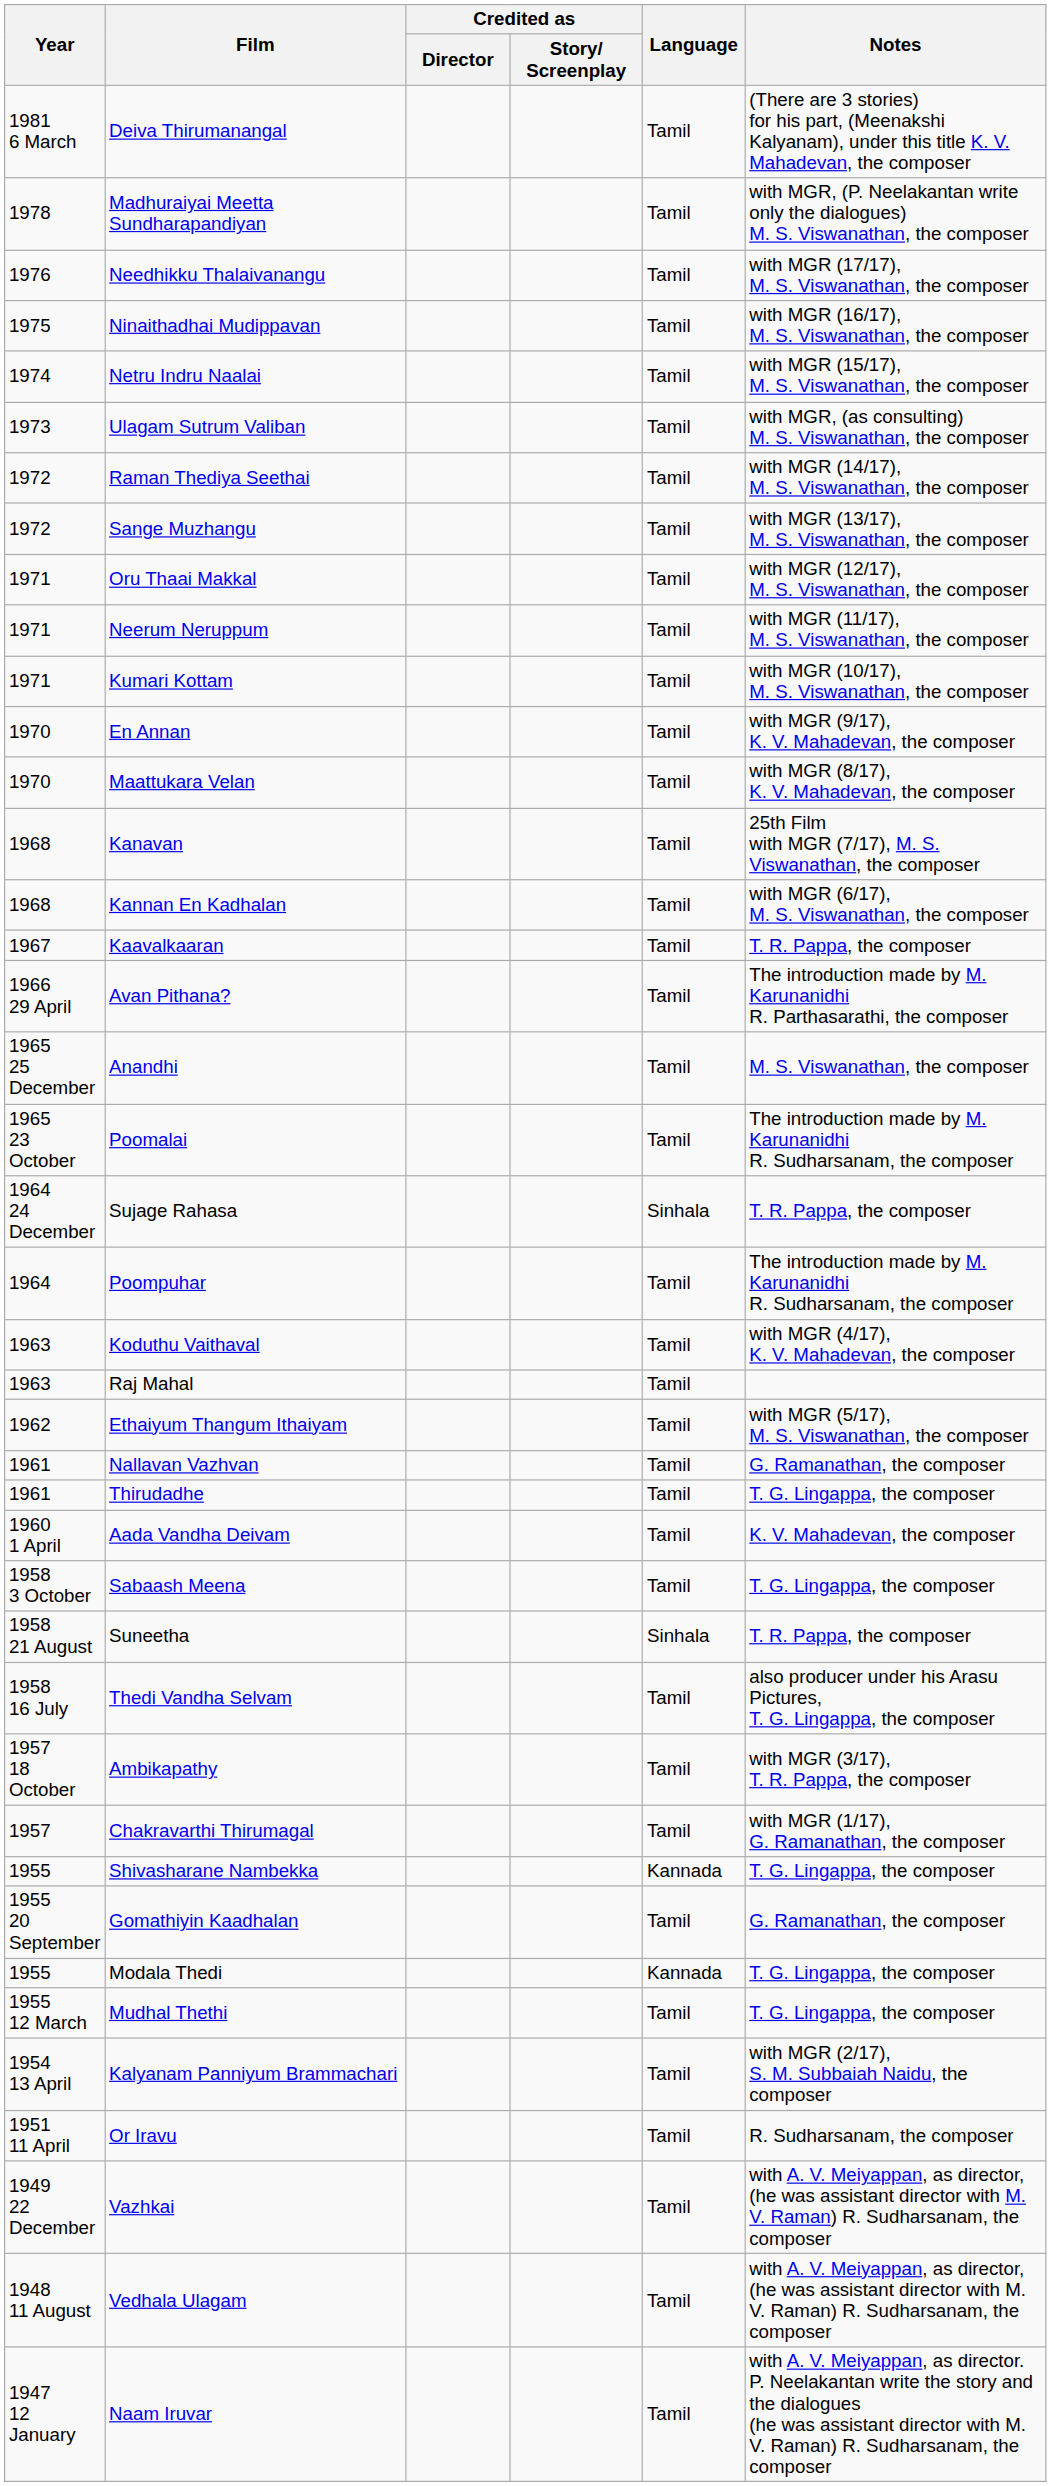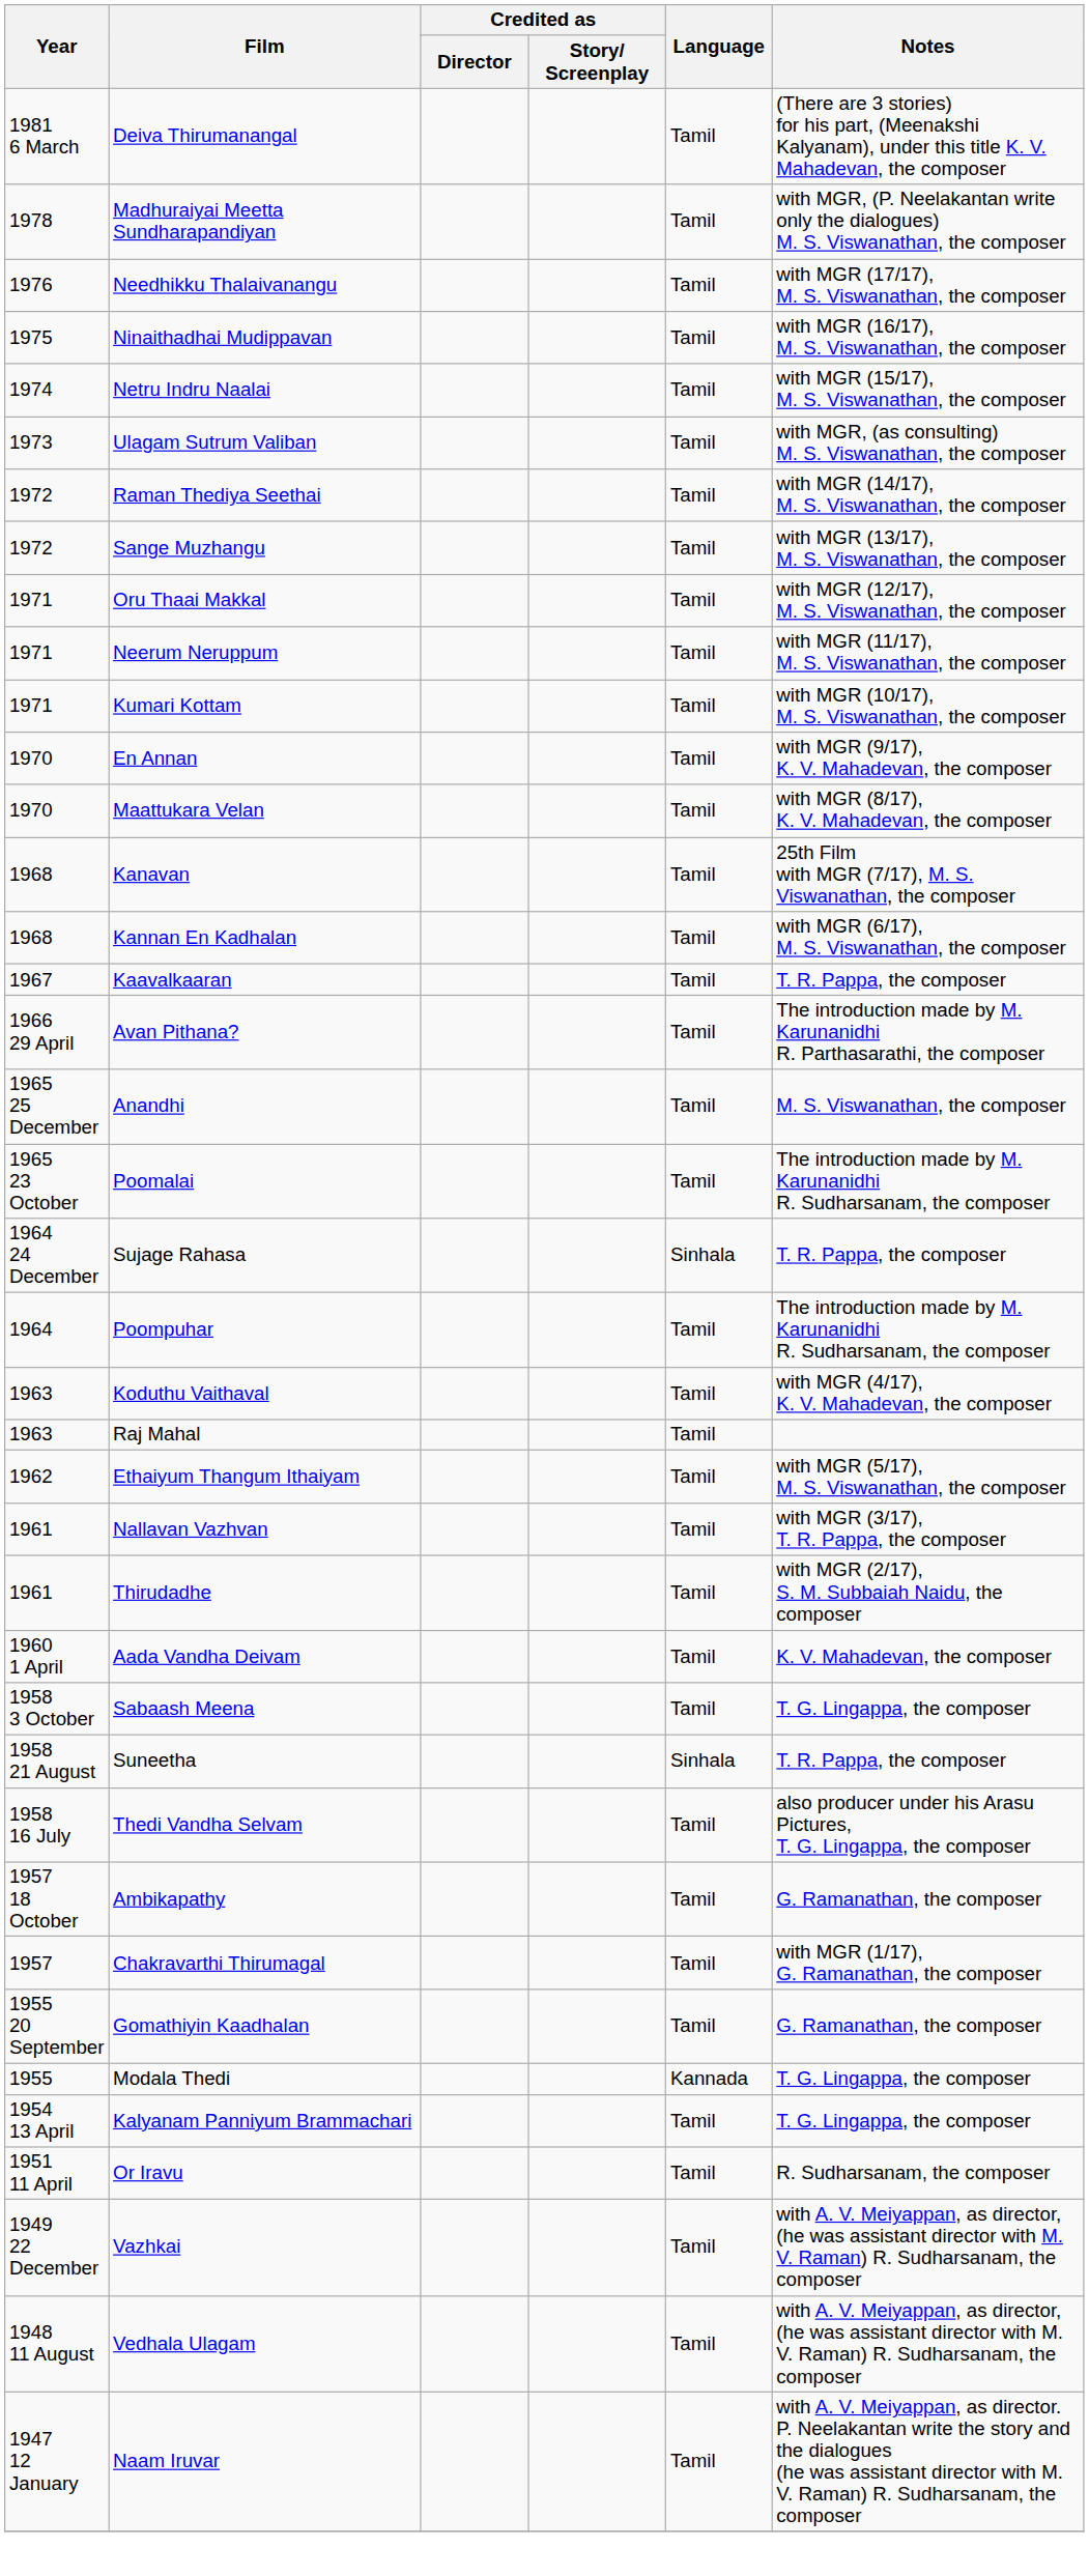 <table class="wikitable sortable">
 <tr>
 <th rowspan="2" style="width:35px;">Year</th>
 <th rowspan="2" style="width:250px;">Film</th>
 <th colspan="2" style="width:195px;">Credited as</th>
 <th rowspan="2" style="text-align:center; width:80px;">Language</th>
 <th rowspan="2"  style="text-align:center; width:250px;" class="unsortable">Notes</th>
 </tr>
 <tr>
 <th style="width:65px;">Director</th>
 <th width=65>Story/ Screenplay</th>
 </tr>
 <tr>
 <td>1981<br>6 March</td>
 <td><a href='#'>Deiva Thirumanangal</a></td>
 <td style="text-align:center;"></td>
 <td></td>
 <td>Tamil</td>
 <td>(There are 3 stories)<br>for his part, (Meenakshi Kalyanam), under this title <a href='#'>K. V. Mahadevan</a>, the composer</td>
 </tr>
 <tr>
 <td>1978</td>
 <td><a href='#'>Madhuraiyai Meetta Sundharapandiyan</a></td>
 <td style="text-align:center;"></td>
 <td style="text-align:center;"></td>
 <td>Tamil</td>
 <td>with MGR, (P. Neelakantan write only the dialogues)<br><a href='#'>M. S. Viswanathan</a>, the composer</td>
 </tr>
 <tr>
 <td>1976</td>
 <td><a href='#'>Needhikku Thalaivanangu</a></td>
 <td style="text-align:center;"></td>
 <td style="text-align:center;"></td>
 <td>Tamil</td>
 <td>with MGR (17/17),<br><a href='#'>M. S. Viswanathan</a>, the composer</td>
 </tr>
 <tr>
 <td>1975</td>
 <td><a href='#'>Ninaithadhai Mudippavan</a></td>
 <td style="text-align:center;"></td>
 <td style="text-align:center;"></td>
 <td>Tamil</td>
 <td>with MGR (16/17),<br><a href='#'>M. S. Viswanathan</a>, the composer</td>
 </tr>
 <tr>
 <td>1974</td>
 <td><a href='#'>Netru Indru Naalai</a></td>
 <td style="text-align:center;"></td>
 <td style="text-align:center;"></td>
 <td>Tamil</td>
 <td>with MGR (15/17),<br><a href='#'>M. S. Viswanathan</a>, the composer</td>
 </tr>
 <tr>
 <td>1973</td>
 <td><a href='#'>Ulagam Sutrum Valiban</a></td>
 <td style="text-align:center;"></td>
 <td style="text-align:center;"></td>
 <td>Tamil</td>
 <td>with MGR, (as consulting)<br><a href='#'>M. S. Viswanathan</a>, the composer</td>
 </tr>
 <tr>
 <td>1972</td>
 <td><a href='#'>Raman Thediya Seethai</a></td>
 <td style="text-align:center;"></td>
 <td style="text-align:center;"></td>
 <td>Tamil</td>
 <td>with MGR (14/17),<br><a href='#'>M. S. Viswanathan</a>, the composer</td>
 </tr>
 <tr>
 <td>1972</td>
 <td><a href='#'>Sange Muzhangu</a></td>
 <td style="text-align:center;"></td>
 <td style="text-align:center;"></td>
 <td>Tamil</td>
 <td>with MGR (13/17),<br><a href='#'>M. S. Viswanathan</a>, the composer</td>
 </tr>
 <tr>
 <td>1971</td>
 <td><a href='#'>Oru Thaai Makkal</a></td>
 <td style="text-align:center;"></td>
 <td style="text-align:center;"></td>
 <td>Tamil</td>
 <td>with MGR (12/17),<br><a href='#'>M. S. Viswanathan</a>, the composer</td>
 </tr>
 <tr>
 <td>1971</td>
 <td><a href='#'>Neerum Neruppum</a></td>
 <td style="text-align:center;"></td>
 <td style="text-align:center;"></td>
 <td>Tamil</td>
 <td>with MGR (11/17),<br><a href='#'>M. S. Viswanathan</a>, the composer</td>
 </tr>
 <tr>
 <td>1971</td>
 <td><a href='#'>Kumari Kottam</a></td>
 <td style="text-align:center;"></td>
 <td style="text-align:center;"></td>
 <td>Tamil</td>
 <td>with MGR (10/17),<br><a href='#'>M. S. Viswanathan</a>, the composer</td>
 </tr>
 <tr>
 <td>1970</td>
 <td><a href='#'>En Annan</a></td>
 <td style="text-align:center;"></td>
 <td style="text-align:center;"></td>
 <td>Tamil</td>
 <td>with MGR (9/17),<br><a href='#'>K. V. Mahadevan</a>, the composer</td>
 </tr>
 <tr>
 <td>1970</td>
 <td><a href='#'>Maattukara Velan</a></td>
 <td style="text-align:center;"></td>
 <td style="text-align:center;"></td>
 <td>Tamil</td>
 <td>with MGR (8/17),<br><a href='#'>K. V. Mahadevan</a>, the composer</td>
 </tr>
 <tr>
 <td>1968</td>
 <td><a href='#'>Kanavan</a></td>
 <td style="text-align:center;"></td>
 <td style="text-align:center;"></td>
 <td>Tamil</td>
 <td>25th Film<br>with MGR (7/17), <a href='#'>M. S. Viswanathan</a>, the composer</td>
 </tr>
 <tr>
 <td>1968</td>
 <td><a href='#'>Kannan En Kadhalan</a></td>
 <td style="text-align:center;"></td>
 <td style="text-align:center;"></td>
 <td>Tamil</td>
 <td>with MGR (6/17),<br><a href='#'>M. S. Viswanathan</a>, the composer</td>
 </tr>
 <tr>
 <td>1967</td>
 <td><a href='#'>Kaavalkaaran</a></td>
 <td style="text-align:center;"></td>
 <td style="text-align:center;"></td>
 <td>Tamil</td>
 <td><a href='#'>T. R. Pappa</a>, the composer</td>
 </tr>
 <tr>
 <td>1966<br>29 April</td>
 <td><a href='#'>Avan Pithana?</a></td>
 <td style="text-align:center;"></td>
 <td style="text-align:center;"></td>
 <td>Tamil</td>
 <td>The introduction made by <a href='#'>M. Karunanidhi</a><br>R. Parthasarathi, the composer</td>
 </tr>
 <tr>
 <td>1965<br>25 December</td>
 <td><a href='#'>Anandhi</a></td>
 <td style="text-align:center;"></td>
 <td></td>
 <td>Tamil</td>
 <td><a href='#'>M. S. Viswanathan</a>, the composer</td>
 </tr>
 <tr>
 <td>1965<br>23 October</td>
 <td><a href='#'>Poomalai</a></td>
 <td style="text-align:center;"></td>
 <td style="text-align:center;"></td>
 <td>Tamil</td>
 <td>The introduction made by <a href='#'>M. Karunanidhi</a><br>R. Sudharsanam, the composer</td>
 </tr>
 <tr>
 <td>1964<br>24 December</td>
 <td>Sujage Rahasa</td>
 <td style="text-align:center;"></td>
 <td style="text-align:center;"></td>
 <td>Sinhala</td>
 <td><a href='#'>T. R. Pappa</a>, the composer</td>
 </tr>
 <tr>
 <td>1964</td>
 <td><a href='#'>Poompuhar</a></td>
 <td style="text-align:center;"></td>
 <td style="text-align:center;"></td>
 <td>Tamil</td>
 <td>The introduction made by <a href='#'>M. Karunanidhi</a><br>R. Sudharsanam, the composer</td>
 </tr>
 <tr>
 <td>1963</td>
 <td><a href='#'>Koduthu Vaithaval</a></td>
 <td style="text-align:center;"></td>
 <td style="text-align:center;"></td>
 <td>Tamil</td>
 <td>with MGR (4/17),<br><a href='#'>K. V. Mahadevan</a>, the composer</td>
 </tr>
 <tr>
 <td>1963</td>
 <td>Raj Mahal</td>
 <td style="text-align:center;"></td>
 <td></td>
 <td>Tamil</td>
 <td></td>
 </tr>
 <tr>
 <td>1962</td>
 <td><a href='#'>Ethaiyum Thangum Ithaiyam</a></td>
 <td style="text-align:center;"></td>
 <td style="text-align:center;"></td>
 <td>Tamil</td>
 <td>with MGR (5/17),<br><a href='#'>M. S. Viswanathan</a>, the composer</td>
 </tr>
 <tr>
 <td>1961</td>
 <td><a href='#'>Nallavan Vazhvan</a></td>
 <td style="text-align:center;"></td>
 <td style="text-align:center;"></td>
 <td>Tamil</td>
-<td><a href='#'>G. Ramanathan</a>, the composer</td>
+<td>with MGR (3/17),<br><a href='#'>T. R. Pappa</a>, the composer</td>
 </tr>
 <tr>
 <td>1961</td>
 <td><a href='#'>Thirudadhe</a></td>
 <td style="text-align:center;"></td>
 <td style="text-align:center;"></td>
 <td>Tamil</td>
-<td><a href='#'>T. G. Lingappa</a>, the composer</td>
+<td>with MGR (2/17),<br><a href='#'>S. M. Subbaiah Naidu</a>, the composer</td>
 </tr>
 <tr>
 <td>1960<br>1 April</td>
 <td><a href='#'>Aada Vandha Deivam</a></td>
 <td style="text-align:center;"></td>
 <td style="text-align:center;"></td>
 <td>Tamil</td>
 <td><a href='#'>K. V. Mahadevan</a>, the composer</td>
 </tr>
 <tr>
 <td>1958<br>3 October</td>
 <td><a href='#'>Sabaash Meena</a></td>
 <td style="text-align:center;"></td>
 <td style="text-align:center;"></td>
 <td>Tamil</td>
 <td><a href='#'>T. G. Lingappa</a>, the composer</td>
 </tr>
 <tr>
 <td>1958<br>21 August</td>
 <td>Suneetha</td>
 <td style="text-align:center;"></td>
 <td style="text-align:center;"></td>
 <td>Sinhala</td>
 <td><a href='#'>T. R. Pappa</a>, the composer</td>
 </tr>
 <tr>
 <td>1958<br>16 July</td>
 <td><a href='#'>Thedi Vandha Selvam</a></td>
 <td style="text-align:center;"></td>
 <td style="text-align:center;"></td>
 <td>Tamil</td>
 <td>also producer under his Arasu Pictures,<br><a href='#'>T. G. Lingappa</a>, the composer</td>
 </tr>
 <tr>
 <td>1957<br>18 October</td>
 <td><a href='#'>Ambikapathy</a></td>
 <td style="text-align:center;"></td>
 <td style="text-align:center;"></td>
 <td>Tamil</td>
-<td>with MGR (3/17),<br><a href='#'>T. R. Pappa</a>, the composer</td>
+<td><a href='#'>G. Ramanathan</a>, the composer</td>
 </tr>
 <tr>
 <td>1957</td>
 <td><a href='#'>Chakravarthi Thirumagal</a></td>
 <td style="text-align:center;"></td>
 <td style="text-align:center;"></td>
 <td>Tamil</td>
 <td>with MGR (1/17),<br><a href='#'>G. Ramanathan</a>, the composer</td>
-</tr>
-<tr>
-<td>1955</td>
-<td><a href='#'>Shivasharane Nambekka</a></td>
-<td style="text-align:center;"></td>
-<td></td>
-<td>Kannada</td>
-<td><a href='#'>T. G. Lingappa</a>, the composer</td>
 </tr>
 <tr>
 <td>1955<br>20 September</td>
 <td><a href='#'>Gomathiyin Kaadhalan</a></td>
 <td style="text-align:center;"></td>
 <td style="text-align:center;"></td>
 <td>Tamil</td>
 <td><a href='#'>G. Ramanathan</a>, the composer</td>
 </tr>
 <tr>
 <td>1955</td>
 <td>Modala Thedi</td>
 <td style="text-align:center;"></td>
 <td></td>
 <td>Kannada</td>
 <td><a href='#'>T. G. Lingappa</a>, the composer</td>
 </tr>
 <tr>
-<td>1955<br>12 March</td>
-<td><a href='#'>Mudhal Thethi</a></td>
-<td style="text-align:center;"></td>
-<td style="text-align:center;"></td>
-<td>Tamil</td>
-<td><a href='#'>T. G. Lingappa</a>, the composer</td>
-</tr>
-<tr>
 <td>1954<br>13 April</td>
 <td><a href='#'>Kalyanam Panniyum Brammachari</a></td>
 <td style="text-align:center;"></td>
 <td style="text-align:center;"></td>
 <td>Tamil</td>
-<td>with MGR (2/17),<br><a href='#'>S. M. Subbaiah Naidu</a>, the composer</td>
+<td><a href='#'>T. G. Lingappa</a>, the composer</td>
 </tr>
 <tr>
 <td>1951<br>11 April</td>
 <td><a href='#'>Or Iravu</a></td>
 <td style="text-align:center;"></td>
 <td style="text-align:center;"></td>
 <td>Tamil</td>
 <td>R. Sudharsanam, the composer</td>
 </tr>
 <tr>
 <td>1949<br>22 December</td>
 <td><a href='#'>Vazhkai</a></td>
 <td style="text-align:center;"></td>
 <td style="text-align:center;"></td>
 <td>Tamil</td>
 <td>with <a href='#'>A. V. Meiyappan</a>, as director,<br>(he was assistant director with <a href='#'>M. V. Raman</a>) R. Sudharsanam, the composer</td>
 </tr>
 <tr>
 <td>1948<br>11 August</td>
 <td><a href='#'>Vedhala Ulagam</a></td>
 <td style="text-align:center;"></td>
 <td style="text-align:center;"></td>
 <td>Tamil</td>
 <td>with <a href='#'>A. V. Meiyappan</a>, as director,<br>(he was assistant director with M. V. Raman) R. Sudharsanam, the composer</td>
 </tr>
 <tr>
 <td>1947<br>12 January</td>
 <td><a href='#'>Naam Iruvar</a></td>
 <td style="text-align:center;"></td>
 <td style="text-align:center;"></td>
 <td>Tamil</td>
 <td>with <a href='#'>A. V. Meiyappan</a>, as director. P. Neelakantan write the story and the dialogues<br>(he was assistant director with M. V. Raman) R. Sudharsanam, the composer</td>
 </tr>
 <tr>
 </tr>
 </table>
